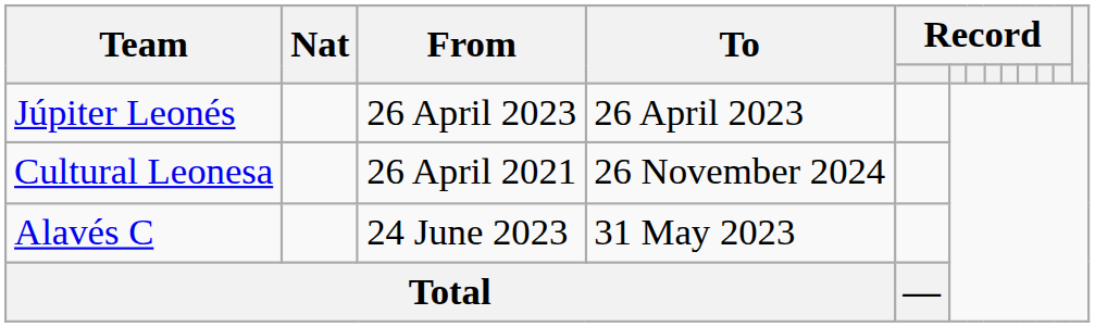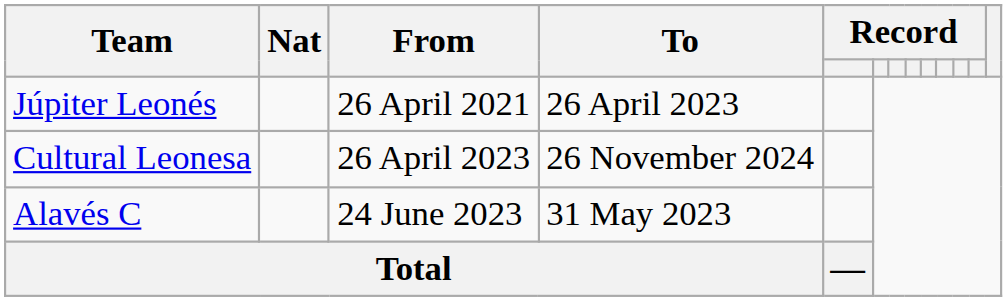 <table class="wikitable" style="text-align: center">
 <tr>
 <th rowspan="2">Team</th>
 <th rowspan="2">Nat</th>
 <th rowspan="2">From</th>
 <th rowspan="2">To</th>
 <th colspan="8">Record</th>
 <th rowspan=2></th>
 </tr>
 <tr>
 <th></th>
 <th></th>
 <th></th>
 <th></th>
 <th></th>
 <th></th>
 <th></th>
 <th></th>
 </tr>
 <tr>
 <td align="left"><a href='#'>Júpiter Leonés</a></td>
 <td></td>
-<td align=left>26 April 2023</td>
+<td align=left>26 April 2021</td>
 <td align=left>26 April 2023<br></td>
 <td></td>
 </tr>
 <tr>
 <td align="left"><a href='#'>Cultural Leonesa</a></td>
 <td></td>
-<td align=left>26 April 2021</td>
+<td align=left>26 April 2023</td>
 <td align=left>26 November 2024<br></td>
 <td></td>
 </tr>
 <tr>
 <td align="left"><a href='#'>Alavés C</a></td>
 <td></td>
 <td align=left>24 June 2023</td>
 <td align=left>31 May 2023<br></td>
 <td></td>
 </tr>
 <tr>
 <th colspan=4>Total<br></th>
 <th>—</th>
 </tr>
 </table>
